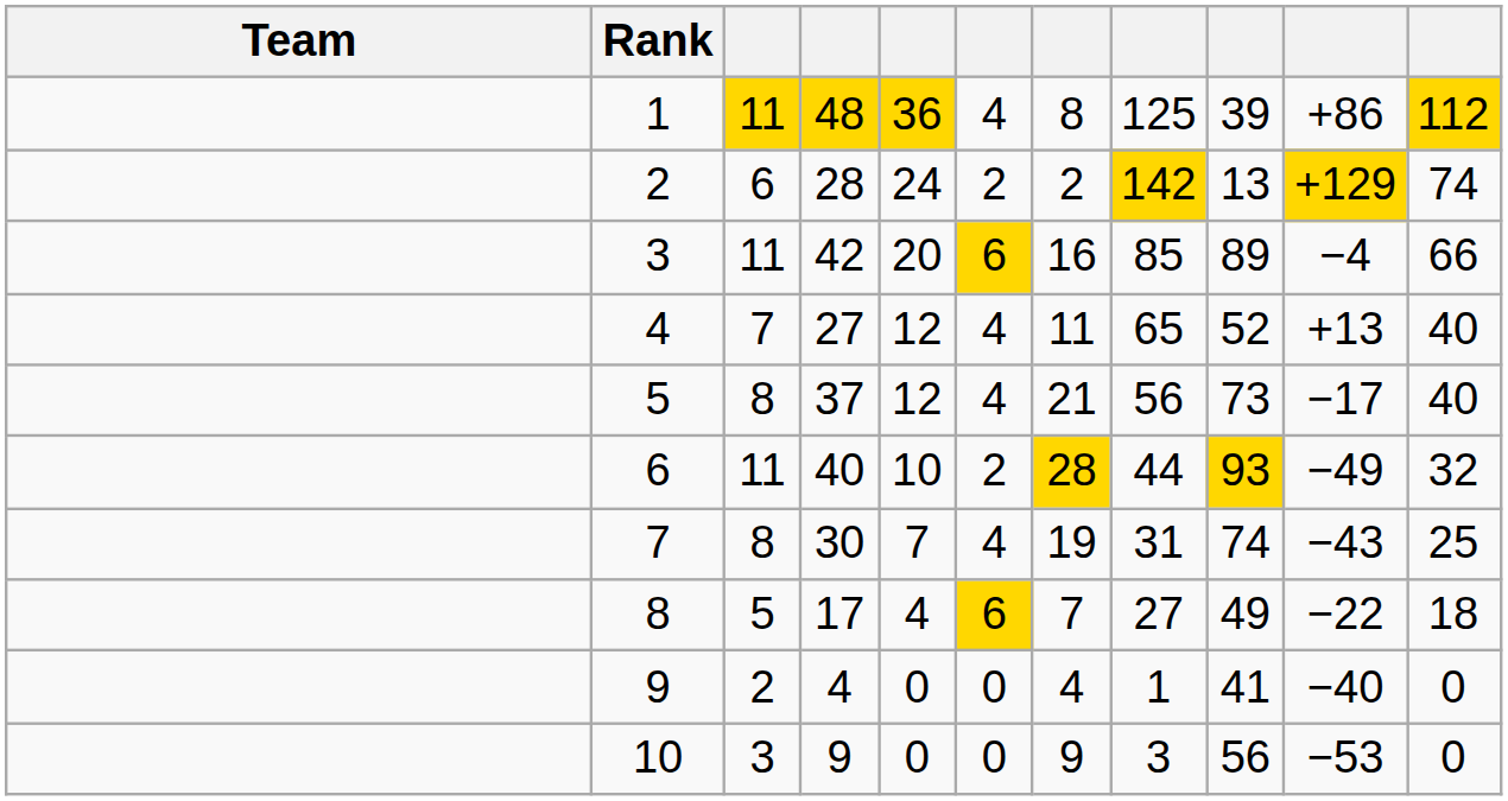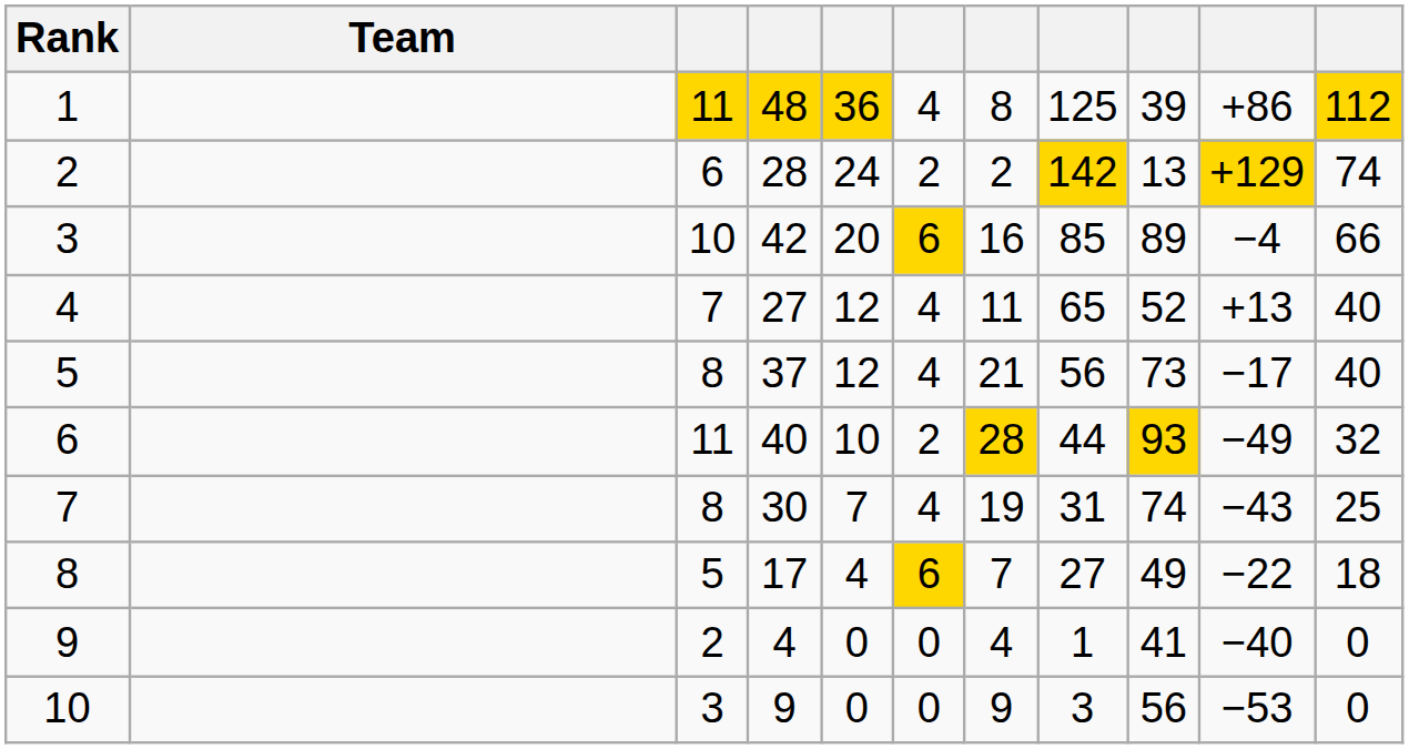 <table class="wikitable sortable" style="text-align:center">
 <tr>
+<th width=20>Rank</th>
 <th width=200>Team</th>
-<th width=20>Rank</th>
 <th width=20></th>
 <th width=20></th>
 <th width=20></th>
 <th width=20></th>
 <th width=20></th>
 <th width=20></th>
 <th width=20></th>
 <th width=20></th>
 <th width=20></th>
 </tr>
 <tr>
+<td>1</td>
 <td align=left></td>
-<td>1</td>
 <td bgcolor=gold>11</td>
 <td bgcolor=gold>48</td>
 <td bgcolor=gold>36</td>
 <td>4</td>
 <td>8</td>
 <td>125</td>
 <td>39</td>
 <td>+86</td>
 <td bgcolor=gold>112</td>
 </tr>
 <tr align=center>
+<td>2</td>
 <td align=left></td>
-<td>2</td>
 <td>6</td>
 <td>28</td>
 <td>24</td>
 <td>2</td>
 <td>2</td>
 <td bgcolor=gold>142</td>
 <td>13</td>
 <td bgcolor=gold>+129</td>
 <td>74</td>
 </tr>
 <tr align=center>
+<td>3</td>
 <td align=left></td>
-<td>3</td>
-<td>11</td>
+<td>10</td>
 <td>42</td>
 <td>20</td>
 <td bgcolor=gold>6</td>
 <td>16</td>
 <td>85</td>
 <td>89</td>
 <td>−4</td>
 <td>66</td>
 </tr>
 <tr align=center>
+<td>4</td>
 <td align=left></td>
-<td>4</td>
 <td>7</td>
 <td>27</td>
 <td>12</td>
 <td>4</td>
 <td>11</td>
 <td>65</td>
 <td>52</td>
 <td>+13</td>
 <td>40</td>
 </tr>
 <tr align=center>
+<td>5</td>
 <td align=left></td>
-<td>5</td>
 <td>8</td>
 <td>37</td>
 <td>12</td>
 <td>4</td>
 <td>21</td>
 <td>56</td>
 <td>73</td>
 <td>−17</td>
 <td>40</td>
 </tr>
 <tr align=center>
+<td>6</td>
 <td align=left></td>
-<td>6</td>
 <td>11</td>
 <td>40</td>
 <td>10</td>
 <td>2</td>
 <td bgcolor=gold>28</td>
 <td>44</td>
 <td bgcolor=gold>93</td>
 <td>−49</td>
 <td>32</td>
 </tr>
 <tr align=center>
+<td>7</td>
 <td align=left></td>
-<td>7</td>
 <td>8</td>
 <td>30</td>
 <td>7</td>
 <td>4</td>
 <td>19</td>
 <td>31</td>
 <td>74</td>
 <td>−43</td>
 <td>25</td>
 </tr>
 <tr align=center>
+<td>8</td>
 <td align=left></td>
-<td>8</td>
 <td>5</td>
 <td>17</td>
 <td>4</td>
 <td bgcolor=gold>6</td>
 <td>7</td>
 <td>27</td>
 <td>49</td>
 <td>−22</td>
 <td>18</td>
 </tr>
 <tr align=center>
+<td>9</td>
 <td align=left></td>
-<td>9</td>
 <td>2</td>
 <td>4</td>
 <td>0</td>
 <td>0</td>
 <td>4</td>
 <td>1</td>
 <td>41</td>
 <td>−40</td>
 <td>0</td>
 </tr>
 <tr align=center>
+<td>10</td>
 <td align=left></td>
-<td>10</td>
 <td>3</td>
 <td>9</td>
 <td>0</td>
 <td>0</td>
 <td>9</td>
 <td>3</td>
 <td>56</td>
 <td>−53</td>
 <td>0</td>
 </tr>
 </table>
